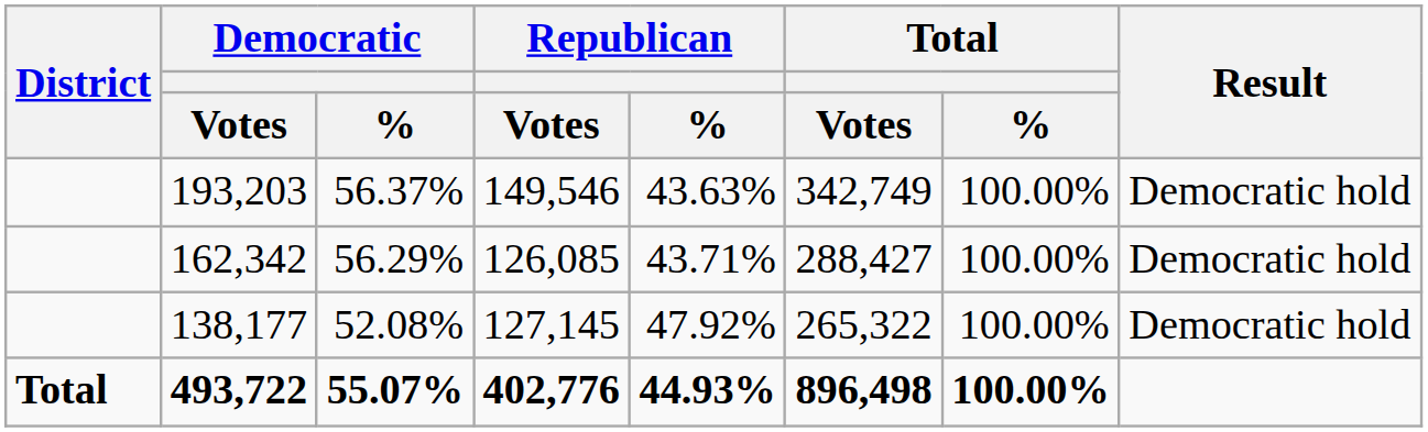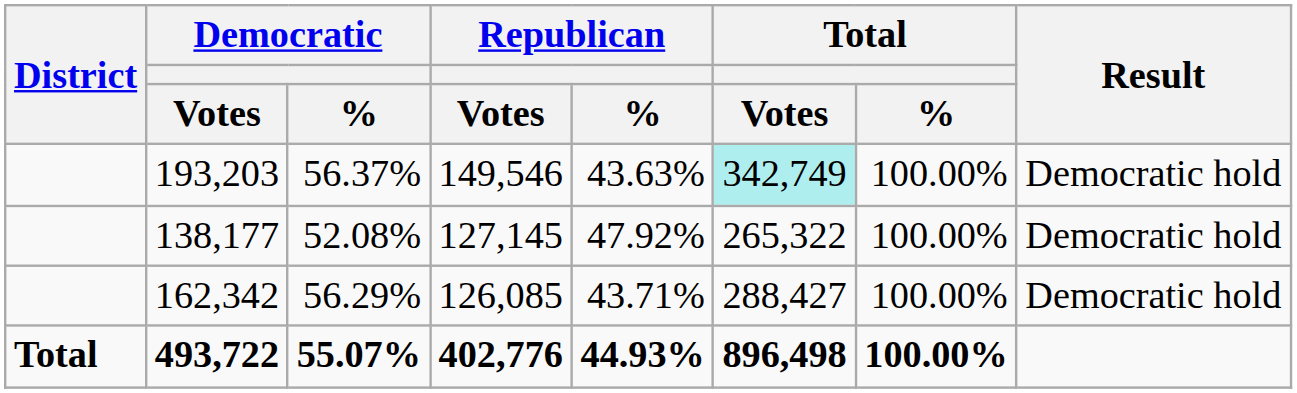 <table class="wikitable plainrowheaders sortable" style="font-size:100%; text-align:right;">
 <tr>
 <th scope=col rowspan=3><a href='#'>District</a></th>
 <th scope=col colspan=2><a href='#'>Democratic</a></th>
 <th scope=col colspan=2><a href='#'>Republican</a></th>
 <th scope=col colspan=2>Total</th>
 <th scope=col rowspan=3>Result</th>
 </tr>
 <tr>
 <th scope=col colspan=2 style="background:"></th>
 <th scope=col colspan=2 style="background:"></th>
 <th scope=col colspan=2></th>
 </tr>
 <tr>
 <th scope=col data-sort-type="number">Votes</th>
 <th scope=col data-sort-type="number">%</th>
 <th scope=col data-sort-type="number">Votes</th>
 <th scope=col data-sort-type="number">%</th>
 <th scope=col data-sort-type="number">Votes</th>
 <th scope=col data-sort-type="number">%</th>
 </tr>
 <tr>
 <td align=left></td>
 <td>193,203</td>
 <td>56.37%</td>
 <td>149,546</td>
 <td>43.63%</td>
-<td>342,749</td>
+<td style="background: paleturquoise;">342,749</td>
+<td>100.00%</td>
+<td align=left>Democratic hold</td>
+</tr>
+<tr>
+<td align=left></td>
+<td>138,177</td>
+<td>52.08%</td>
+<td>127,145</td>
+<td>47.92%</td>
+<td>265,322</td>
 <td>100.00%</td>
 <td align=left>Democratic hold</td>
 </tr>
 <tr>
 <td align=left></td>
 <td>162,342</td>
 <td>56.29%</td>
 <td>126,085</td>
 <td>43.71%</td>
 <td>288,427</td>
-<td>100.00%</td>
-<td align=left>Democratic hold</td>
-</tr>
-<tr>
-<td align=left></td>
-<td>138,177</td>
-<td>52.08%</td>
-<td>127,145</td>
-<td>47.92%</td>
-<td>265,322</td>
 <td>100.00%</td>
 <td align=left>Democratic hold</td>
 </tr>
 <tr class="sortbottom" style="font-weight:bold">
 <td align=left>Total</td>
 <td>493,722</td>
 <td>55.07%</td>
 <td>402,776</td>
 <td>44.93%</td>
 <td>896,498</td>
 <td>100.00%</td>
 <td></td>
 </tr>
 </table>
